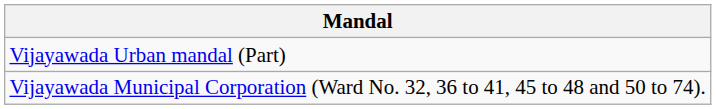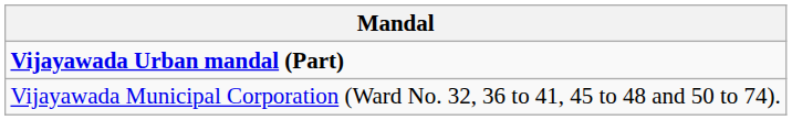 <table class="wikitable sortable static-row-numbers static-row-header-hash">
 <tr>
 <th>Mandal</th>
 </tr>
 <tr>
-<td><a href='#'>Vijayawada Urban mandal</a> (Part)</td>
+<td><strong><a href='#'>Vijayawada Urban mandal</a> (Part)</strong></td>
 </tr>
 <tr>
 <td><a href='#'>Vijayawada Municipal Corporation</a> (Ward No. 32, 36 to 41, 45 to 48 and 50 to 74).</td>
 </tr>
 </table>
